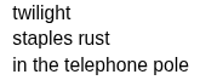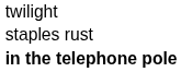 <table style="text-align:left; margin: 1em auto 1em auto;" border="0">
 <tr>
 <td>twilight</td>
 </tr>
 <tr>
 <td>staples rust</td>
 </tr>
 <tr>
-<td>in the telephone pole</td>
+<td><strong>in the telephone pole</strong></td>
 </tr>
 </table>
